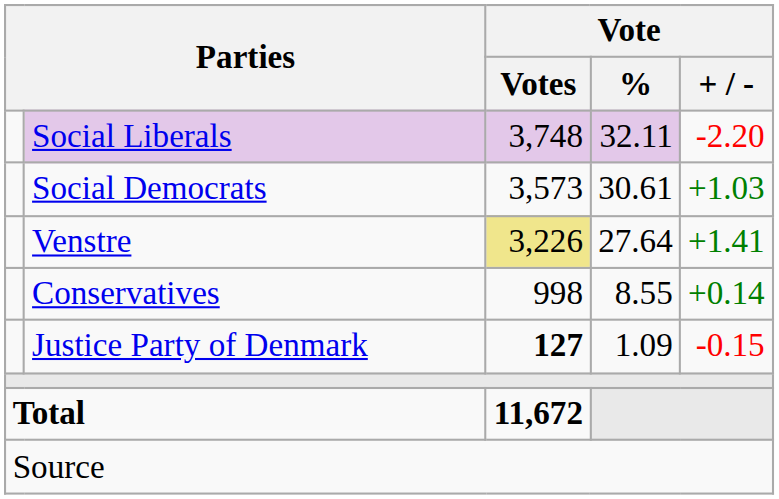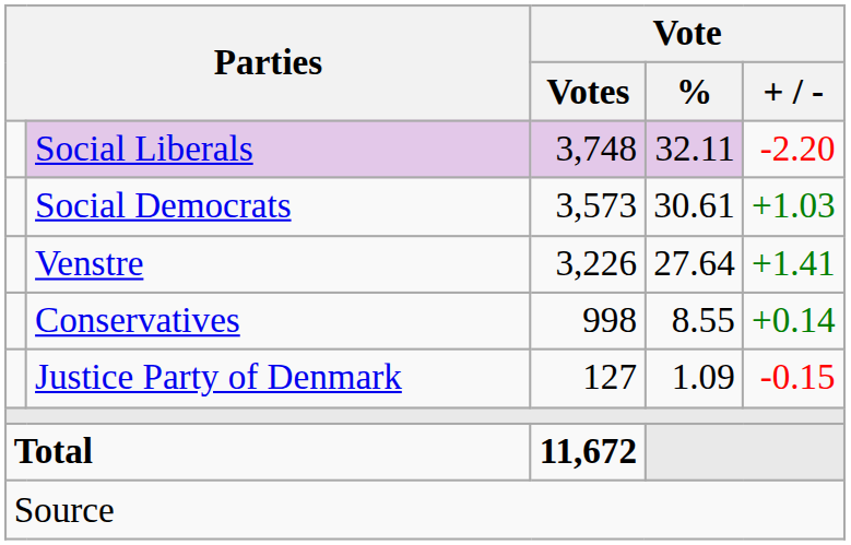 <table class="wikitable" style="text-align:right;">
 <tr>
 <th style="text-align:centre;" rowspan="2" colspan="2" width="225">Parties</th>
 <th colspan="3">Vote</th>
 </tr>
 <tr>
 <th width="15">Votes</th>
 <th width="15">%</th>
 <th width="15">+ / -</th>
 </tr>
 <tr>
 <td width="2" style="color:inherit;background:"></td>
 <td bgcolor=#e3c8e9  align="left"><a href='#'>Social Liberals</a></td>
 <td bgcolor=#e3c8e9>3,748</td>
 <td bgcolor=#e3c8e9>32.11</td>
 <td style=color:red;>-2.20</td>
 </tr>
 <tr>
 <td width="2" style="color:inherit;background:"></td>
 <td align="left"><a href='#'>Social Democrats</a></td>
 <td>3,573</td>
 <td>30.61</td>
 <td style=color:green;>+1.03</td>
 </tr>
 <tr>
 <td width="2" style="color:inherit;background:"></td>
 <td align="left"><a href='#'>Venstre</a></td>
-<td style="background: khaki;">3,226</td>
+<td>3,226</td>
 <td>27.64</td>
 <td style=color:green;>+1.41</td>
 </tr>
 <tr>
 <td width="2" style="color:inherit;background:"></td>
 <td align="left"><a href='#'>Conservatives</a></td>
 <td>998</td>
 <td>8.55</td>
 <td style=color:green;>+0.14</td>
 </tr>
 <tr>
 <td width="2" style="color:inherit;background:"></td>
 <td align="left"><a href='#'>Justice Party of Denmark</a></td>
-<td><strong>127</strong></td>
+<td>127</td>
 <td>1.09</td>
 <td style=color:red;>-0.15</td>
 </tr>
 <tr>
 <td colspan="7" bgcolor="#E9E9E9"></td>
 </tr>
 <tr>
 <td align="left" colspan="2"><strong>Total</strong></td>
 <td><strong>11,672</strong></td>
 <td bgcolor="#E9E9E9" colspan="2"></td>
 </tr>
 <tr>
 <td align="left" colspan="6">Source</td>
 </tr>
 </table>
